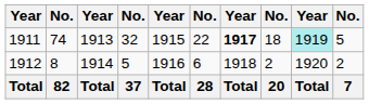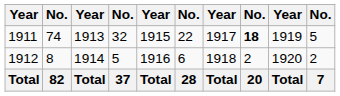 <table class="wikitable" style="margin:1em">
 <tr style="text-align:center">
 <th>Year</th>
 <th>No.</th>
 <th>Year</th>
 <th>No.</th>
 <th>Year</th>
 <th>No.</th>
 <th>Year</th>
 <th>No.</th>
 <th>Year</th>
 <th>No.</th>
 </tr>
 <tr>
 <td>1911</td>
 <td>74</td>
 <td>1913</td>
 <td>32</td>
 <td>1915</td>
 <td>22</td>
-<td><strong>1917</strong></td>
-<td>18</td>
-<td style="background: paleturquoise;">1919</td>
+<td>1917</td>
+<td><strong>18</strong></td>
+<td>1919</td>
 <td>5</td>
 </tr>
 <tr>
 <td>1912</td>
 <td>8</td>
 <td>1914</td>
 <td>5</td>
 <td>1916</td>
 <td>6</td>
 <td>1918</td>
 <td>2</td>
 <td>1920</td>
 <td>2</td>
 </tr>
 <tr>
 <th>Total</th>
 <th>82</th>
 <th>Total</th>
 <th>37</th>
 <th>Total</th>
 <th>28</th>
 <th>Total</th>
 <th>20</th>
 <th>Total</th>
 <th>7</th>
 </tr>
 </table>
